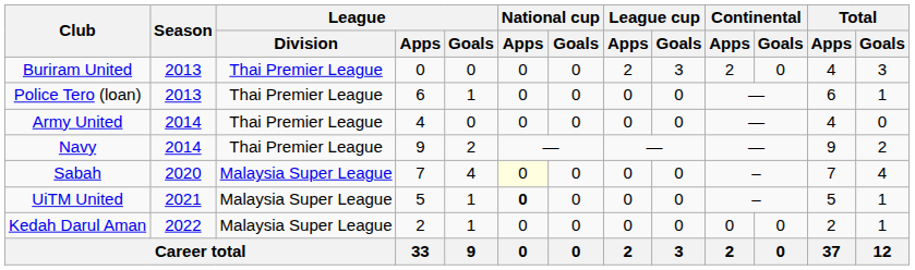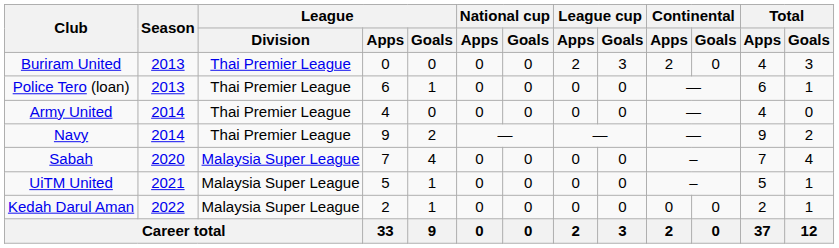 <table class="wikitable" style="text-align:center">
 <tr>
 <th rowspan="2">Club</th>
 <th rowspan="2">Season</th>
 <th colspan="3">League</th>
 <th colspan="2">National cup</th>
 <th colspan="2">League cup</th>
 <th colspan="2">Continental</th>
 <th colspan="2">Total</th>
 </tr>
 <tr>
 <th>Division</th>
 <th>Apps</th>
 <th>Goals</th>
 <th>Apps</th>
 <th>Goals</th>
 <th>Apps</th>
 <th>Goals</th>
 <th>Apps</th>
 <th>Goals</th>
 <th>Apps</th>
 <th>Goals</th>
 </tr>
 <tr>
 <td><a href='#'>Buriram United</a></td>
 <td><a href='#'>2013</a></td>
 <td><a href='#'>Thai Premier League</a></td>
 <td>0</td>
 <td>0</td>
 <td>0</td>
 <td>0</td>
 <td>2</td>
 <td>3</td>
 <td>2</td>
 <td>0</td>
 <td>4</td>
 <td>3</td>
 </tr>
 <tr>
 <td><a href='#'>Police Tero</a> (loan)</td>
 <td><a href='#'>2013</a></td>
 <td>Thai Premier League</td>
 <td>6</td>
 <td>1</td>
 <td>0</td>
 <td>0</td>
 <td>0</td>
 <td>0</td>
 <td colspan="2">—</td>
 <td>6</td>
 <td>1</td>
 </tr>
 <tr>
 <td><a href='#'>Army United</a></td>
 <td><a href='#'>2014</a></td>
 <td>Thai Premier League</td>
 <td>4</td>
 <td>0</td>
 <td>0</td>
 <td>0</td>
 <td>0</td>
 <td>0</td>
 <td colspan="2">—</td>
 <td>4</td>
 <td>0</td>
 </tr>
 <tr>
 <td><a href='#'>Navy</a></td>
 <td><a href='#'>2014</a></td>
 <td>Thai Premier League</td>
 <td>9</td>
 <td>2</td>
 <td colspan="2">—</td>
 <td colspan="2">—</td>
 <td colspan="2">—</td>
 <td>9</td>
 <td>2</td>
 </tr>
 <tr>
 <td><a href='#'>Sabah</a></td>
 <td><a href='#'>2020</a></td>
 <td><a href='#'>Malaysia Super League</a></td>
 <td>7</td>
 <td>4</td>
-<td style="background: lightyellow;">0</td>
+<td>0</td>
 <td>0</td>
 <td>0</td>
 <td>0</td>
 <td colspan="2">–</td>
 <td>7</td>
 <td>4</td>
 </tr>
 <tr>
 <td><a href='#'>UiTM United</a></td>
 <td><a href='#'>2021</a></td>
 <td>Malaysia Super League</td>
 <td>5</td>
 <td>1</td>
-<td><strong>0</strong></td>
+<td>0</td>
 <td>0</td>
 <td>0</td>
 <td>0</td>
 <td colspan="2">–</td>
 <td>5</td>
 <td>1</td>
 </tr>
 <tr>
 <td><a href='#'>Kedah Darul Aman</a></td>
 <td><a href='#'>2022</a></td>
 <td>Malaysia Super League</td>
 <td>2</td>
 <td>1</td>
 <td>0</td>
 <td>0</td>
 <td>0</td>
 <td>0</td>
 <td>0</td>
 <td>0</td>
 <td>2</td>
 <td>1</td>
 </tr>
 <tr>
 <th colspan="3">Career total</th>
 <th>33</th>
 <th>9</th>
 <th>0</th>
 <th>0</th>
 <th>2</th>
 <th>3</th>
 <th>2</th>
 <th>0</th>
 <th>37</th>
 <th>12</th>
 </tr>
 </table>
